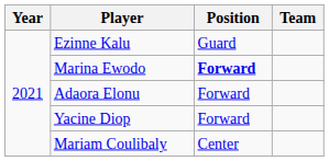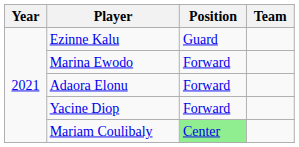 <table class="wikitable" style="width: 25%; text-align:center; font-size:95%">
 <tr>
 <th>Year</th>
 <th>Player</th>
 <th>Position</th>
 <th>Team</th>
 </tr>
 <tr>
 <td rowspan=5><a href='#'>2021</a></td>
 <td align=left><a href='#'>Ezinne Kalu</a></td>
 <td align=left><a href='#'>Guard</a></td>
 <td align=left></td>
 </tr>
 <tr>
 <td align=left><a href='#'>Marina Ewodo</a></td>
-<td align=left><strong><a href='#'>Forward</a></strong></td>
+<td align=left><a href='#'>Forward</a></td>
 <td align=left></td>
 </tr>
 <tr>
 <td align=left><a href='#'>Adaora Elonu</a></td>
 <td align=left><a href='#'>Forward</a></td>
 <td align=left></td>
 </tr>
 <tr>
 <td align=left><a href='#'>Yacine Diop</a></td>
 <td align=left><a href='#'>Forward</a></td>
 <td align=left></td>
 </tr>
 <tr>
 <td align=left><a href='#'>Mariam Coulibaly</a></td>
-<td align=left><a href='#'>Center</a></td>
+<td align=left style="background: lightgreen;"><a href='#'>Center</a></td>
 <td align=left></td>
 </tr>
 </table>
